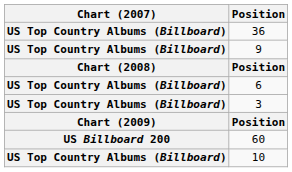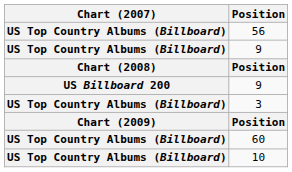 <table class="wikitable plainrowheaders" style="text-align:center">
 <tr>
 <th>Chart (2007)</th>
 <th>Position</th>
 </tr>
 <tr>
 <th scope="row">US Top Country Albums (<em>Billboard</em>)</th>
-<td>36</td>
+<td>56</td>
 </tr>
 <tr>
 <th scope="row">US Top Country Albums (<em>Billboard</em>)</th>
 <td>9</td>
 </tr>
 <tr>
 <th>Chart (2008)</th>
 <th>Position</th>
 </tr>
 <tr>
-<th scope="row">US Top Country Albums (<em>Billboard</em>)</th>
-<td>6</td>
+<th scope="row">US <em>Billboard</em> 200</th>
+<td>9</td>
 </tr>
 <tr>
 <th scope="row">US Top Country Albums (<em>Billboard</em>)</th>
 <td>3</td>
 </tr>
 <tr>
 <th>Chart (2009)</th>
 <th>Position</th>
 </tr>
 <tr>
-<th scope="row">US <em>Billboard</em> 200</th>
+<th scope="row">US Top Country Albums (<em>Billboard</em>)</th>
 <td>60</td>
 </tr>
 <tr>
 <th scope="row">US Top Country Albums (<em>Billboard</em>)</th>
 <td>10</td>
 </tr>
 </table>
